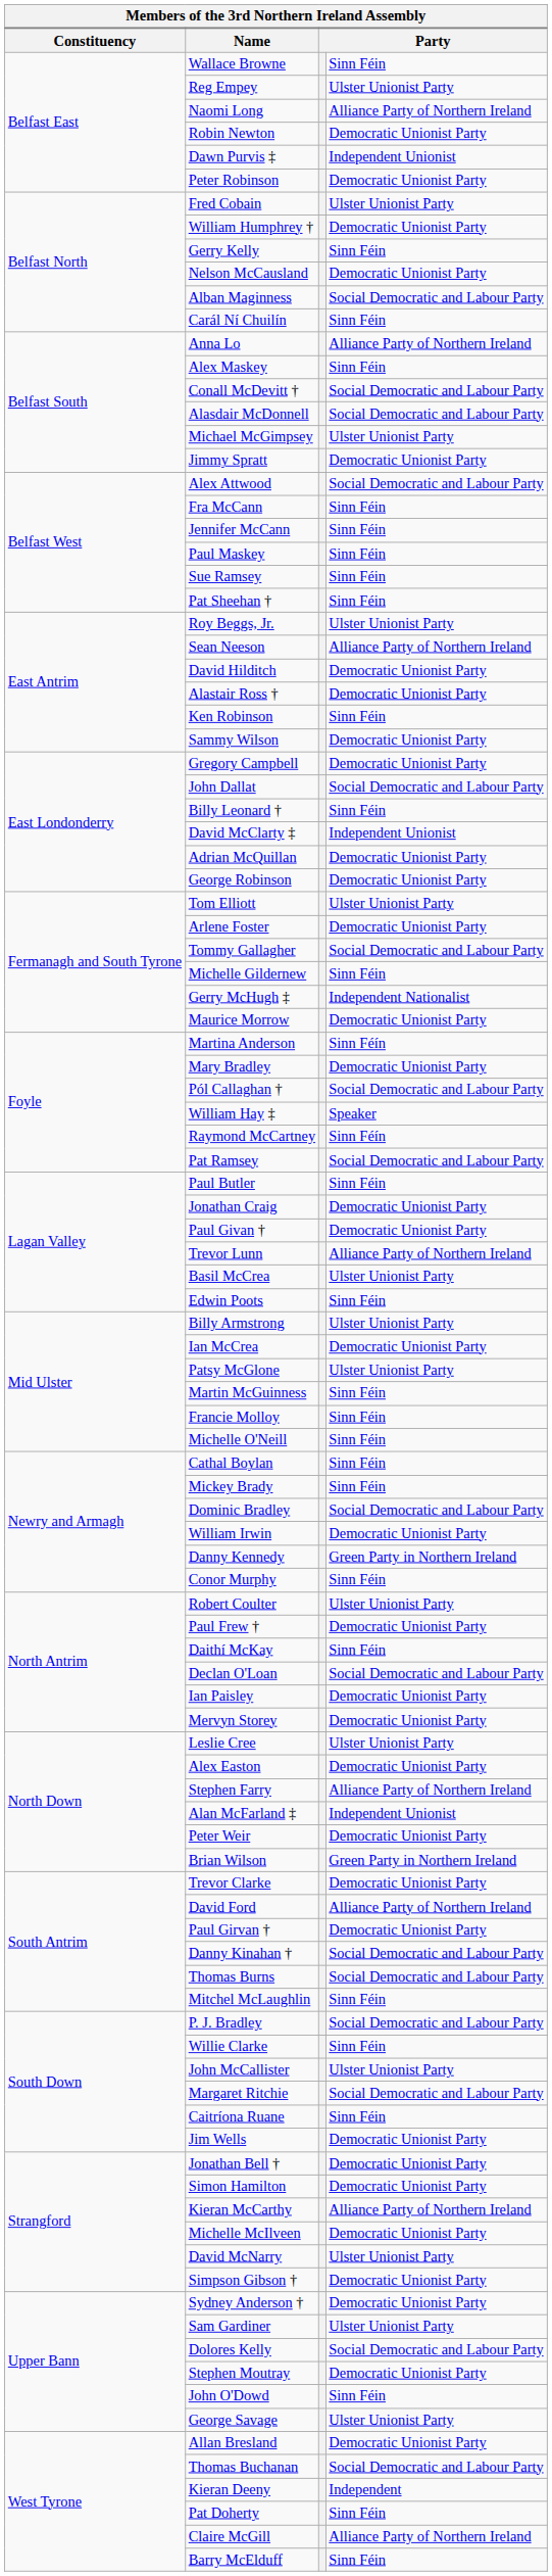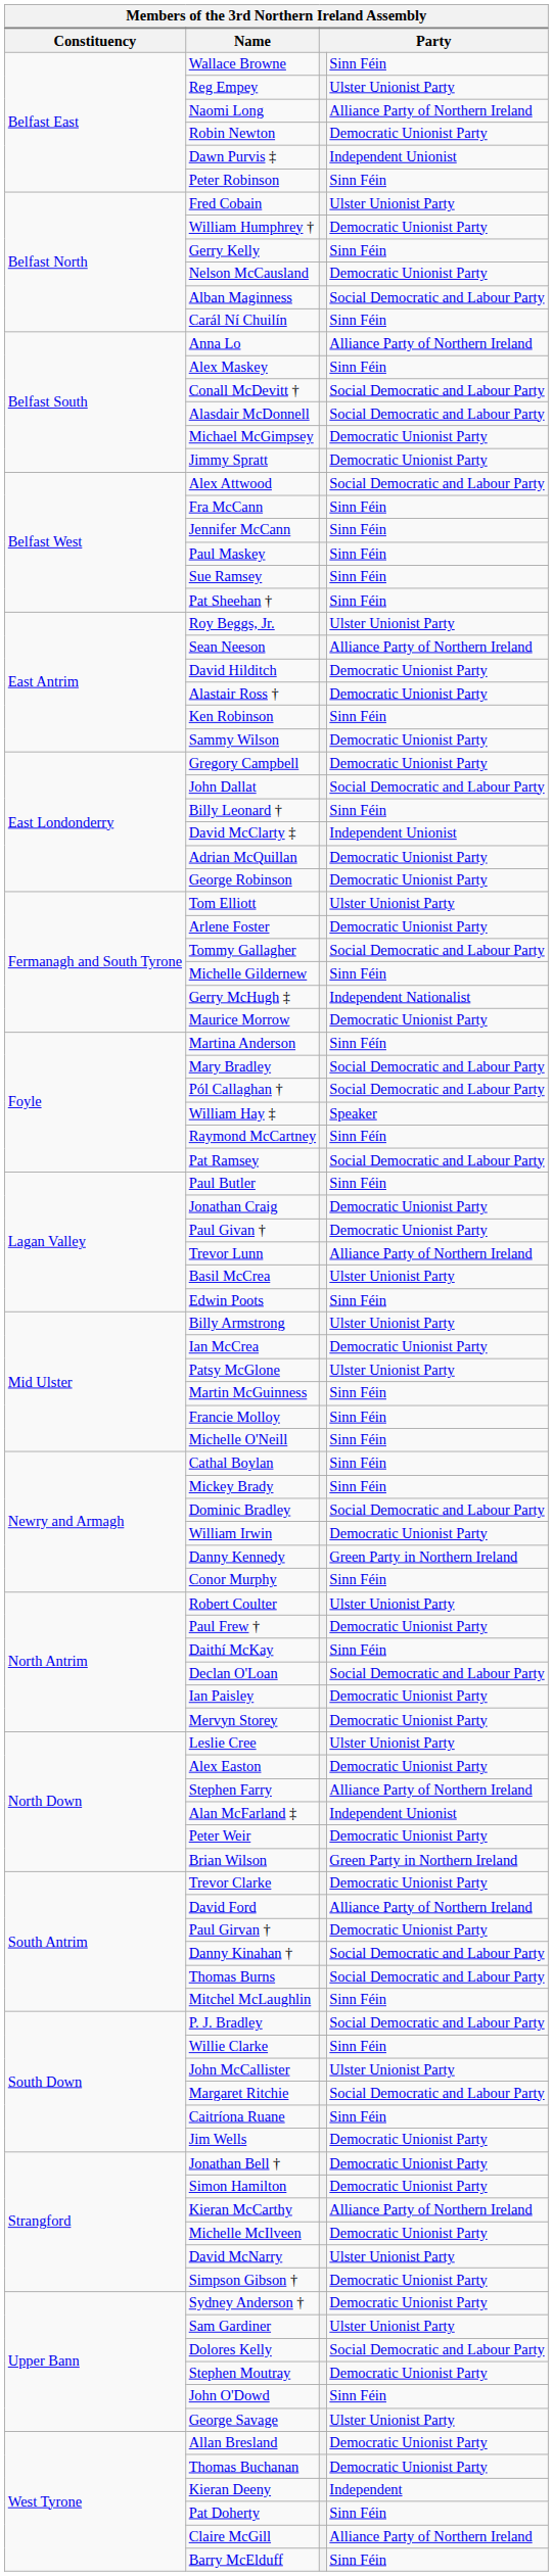 <table class="wikitable">
 <tr style="border-bottom: 2px solid gray;">
 <th colspan=4>Members of the 3rd Northern Ireland Assembly</th>
 </tr>
 <tr>
 <th align=center>Constituency</th>
 <th align=center>Name</th>
 <th style="text-align:center;" colspan="2">Party</th>
 </tr>
 <tr>
 <td rowspan="6"><a href='#'>Belfast East</a></td>
 <td><a href='#'>Wallace Browne</a></td>
 <th style="background-color: "></th>
 <td><a href='#'>Sinn Féin</a></td>
 </tr>
 <tr>
 <td><a href='#'>Reg Empey</a></td>
 <th style="background-color: "></th>
 <td><a href='#'>Ulster Unionist Party</a></td>
 </tr>
 <tr>
 <td><a href='#'>Naomi Long</a></td>
 <th style="background-color: "></th>
 <td><a href='#'>Alliance Party of Northern Ireland</a></td>
 </tr>
 <tr>
 <td><a href='#'>Robin Newton</a></td>
 <th style="background-color: "></th>
 <td><a href='#'>Democratic Unionist Party</a></td>
 </tr>
 <tr>
 <td><a href='#'>Dawn Purvis</a> ‡</td>
 <th style="background-color: "></th>
 <td><a href='#'>Independent Unionist</a></td>
 </tr>
 <tr>
 <td><a href='#'>Peter Robinson</a></td>
 <th style="background-color: "></th>
-<td><a href='#'>Democratic Unionist Party</a></td>
+<td><a href='#'>Sinn Féin</a></td>
 </tr>
 <tr>
 <td rowspan="6"><a href='#'>Belfast North</a></td>
 <td><a href='#'>Fred Cobain</a></td>
 <th style="background-color: "></th>
 <td><a href='#'>Ulster Unionist Party</a></td>
 </tr>
 <tr>
 <td><a href='#'>William Humphrey</a> †</td>
 <th style="background-color: "></th>
 <td><a href='#'>Democratic Unionist Party</a></td>
 </tr>
 <tr>
 <td><a href='#'>Gerry Kelly</a></td>
 <th style="background-color: "></th>
 <td><a href='#'>Sinn Féin</a></td>
 </tr>
 <tr>
 <td><a href='#'>Nelson McCausland</a></td>
 <th style="background-color: "></th>
 <td><a href='#'>Democratic Unionist Party</a></td>
 </tr>
 <tr>
 <td><a href='#'>Alban Maginness</a></td>
 <th style="background-color: "></th>
 <td><a href='#'>Social Democratic and Labour Party</a></td>
 </tr>
 <tr>
 <td><a href='#'>Carál Ní Chuilín</a></td>
 <th style="background-color: "></th>
 <td><a href='#'>Sinn Féin</a></td>
 </tr>
 <tr>
 <td rowspan="6"><a href='#'>Belfast South</a></td>
 <td><a href='#'>Anna Lo</a></td>
 <th style="background-color: "></th>
 <td><a href='#'>Alliance Party of Northern Ireland</a></td>
 </tr>
 <tr>
 <td><a href='#'>Alex Maskey</a></td>
 <th style="background-color: "></th>
 <td><a href='#'>Sinn Féin</a></td>
 </tr>
 <tr>
 <td><a href='#'>Conall McDevitt</a> †</td>
 <th style="background-color: "></th>
 <td><a href='#'>Social Democratic and Labour Party</a></td>
 </tr>
 <tr>
 <td><a href='#'>Alasdair McDonnell</a></td>
 <th style="background-color: "></th>
 <td><a href='#'>Social Democratic and Labour Party</a></td>
 </tr>
 <tr>
 <td><a href='#'>Michael McGimpsey</a></td>
 <th style="background-color: "></th>
-<td><a href='#'>Ulster Unionist Party</a></td>
+<td><a href='#'>Democratic Unionist Party</a></td>
 </tr>
 <tr>
 <td><a href='#'>Jimmy Spratt</a></td>
 <th style="background-color: "></th>
 <td><a href='#'>Democratic Unionist Party</a></td>
 </tr>
 <tr>
 <td rowspan="6"><a href='#'>Belfast West</a></td>
 <td><a href='#'>Alex Attwood</a></td>
 <th style="background-color: "></th>
 <td><a href='#'>Social Democratic and Labour Party</a></td>
 </tr>
 <tr>
 <td><a href='#'>Fra McCann</a></td>
 <th style="background-color: "></th>
 <td><a href='#'>Sinn Féin</a></td>
 </tr>
 <tr>
 <td><a href='#'>Jennifer McCann</a></td>
 <th style="background-color: "></th>
 <td><a href='#'>Sinn Féin</a></td>
 </tr>
 <tr>
 <td><a href='#'>Paul Maskey</a></td>
 <th style="background-color: "></th>
 <td><a href='#'>Sinn Féin</a></td>
 </tr>
 <tr>
 <td><a href='#'>Sue Ramsey</a></td>
 <th style="background-color: "></th>
 <td><a href='#'>Sinn Féin</a></td>
 </tr>
 <tr>
 <td><a href='#'>Pat Sheehan</a> †</td>
 <th style="background-color: "></th>
 <td><a href='#'>Sinn Féin</a></td>
 </tr>
 <tr>
 <td rowspan="6"><a href='#'>East Antrim</a></td>
 <td><a href='#'>Roy Beggs, Jr.</a></td>
 <th style="background-color: "></th>
 <td><a href='#'>Ulster Unionist Party</a></td>
 </tr>
 <tr>
 <td><a href='#'>Sean Neeson</a></td>
 <th style="background-color: "></th>
 <td><a href='#'>Alliance Party of Northern Ireland</a></td>
 </tr>
 <tr>
 <td><a href='#'>David Hilditch</a></td>
 <th style="background-color: "></th>
 <td><a href='#'>Democratic Unionist Party</a></td>
 </tr>
 <tr>
 <td><a href='#'>Alastair Ross</a> †</td>
 <th style="background-color: "></th>
 <td><a href='#'>Democratic Unionist Party</a></td>
 </tr>
 <tr>
 <td><a href='#'>Ken Robinson</a></td>
 <th style="background-color: "></th>
 <td><a href='#'>Sinn Féin</a></td>
 </tr>
 <tr>
 <td><a href='#'>Sammy Wilson</a></td>
 <th style="background-color: "></th>
 <td><a href='#'>Democratic Unionist Party</a></td>
 </tr>
 <tr>
 <td rowspan="6"><a href='#'>East Londonderry</a></td>
 <td><a href='#'>Gregory Campbell</a></td>
 <th style="background-color: "></th>
 <td><a href='#'>Democratic Unionist Party</a></td>
 </tr>
 <tr>
 <td><a href='#'>John Dallat</a></td>
 <th style="background-color: "></th>
 <td><a href='#'>Social Democratic and Labour Party</a></td>
 </tr>
 <tr>
 <td><a href='#'>Billy Leonard</a> †</td>
 <th style="background-color: "></th>
 <td><a href='#'>Sinn Féin</a></td>
 </tr>
 <tr>
 <td><a href='#'>David McClarty</a> ‡</td>
 <th style="background-color: "></th>
 <td><a href='#'>Independent Unionist</a></td>
 </tr>
 <tr>
 <td><a href='#'>Adrian McQuillan</a></td>
 <th style="background-color: "></th>
 <td><a href='#'>Democratic Unionist Party</a></td>
 </tr>
 <tr>
 <td><a href='#'>George Robinson</a></td>
 <th style="background-color: "></th>
 <td><a href='#'>Democratic Unionist Party</a></td>
 </tr>
 <tr>
 <td rowspan="6"><a href='#'>Fermanagh and South Tyrone</a></td>
 <td><a href='#'>Tom Elliott</a></td>
 <th style="background-color: "></th>
 <td><a href='#'>Ulster Unionist Party</a></td>
 </tr>
 <tr>
 <td><a href='#'>Arlene Foster</a></td>
 <th style="background-color: "></th>
 <td><a href='#'>Democratic Unionist Party</a></td>
 </tr>
 <tr>
 <td><a href='#'>Tommy Gallagher</a></td>
 <th style="background-color: "></th>
 <td><a href='#'>Social Democratic and Labour Party</a></td>
 </tr>
 <tr>
 <td><a href='#'>Michelle Gildernew</a></td>
 <th style="background-color: "></th>
 <td><a href='#'>Sinn Féin</a></td>
 </tr>
 <tr>
 <td><a href='#'>Gerry McHugh</a> ‡</td>
 <th style="background-color: "></th>
 <td><a href='#'>Independent Nationalist</a></td>
 </tr>
 <tr>
 <td><a href='#'>Maurice Morrow</a></td>
 <th style="background-color: "></th>
 <td><a href='#'>Democratic Unionist Party</a></td>
 </tr>
 <tr>
 <td rowspan="6"><a href='#'>Foyle</a></td>
 <td><a href='#'>Martina Anderson</a></td>
 <th style="background-color: "></th>
 <td><a href='#'>Sinn Féín</a></td>
 </tr>
 <tr>
 <td><a href='#'>Mary Bradley</a></td>
 <th style="background-color: "></th>
-<td><a href='#'>Democratic Unionist Party</a></td>
+<td><a href='#'>Social Democratic and Labour Party</a></td>
 </tr>
 <tr>
 <td><a href='#'>Pól Callaghan</a> †</td>
 <th style="background-color: "></th>
 <td><a href='#'>Social Democratic and Labour Party</a></td>
 </tr>
 <tr>
 <td><a href='#'>William Hay</a> ‡</td>
 <th style="background-color: "></th>
 <td><a href='#'>Speaker</a></td>
 </tr>
 <tr>
 <td><a href='#'>Raymond McCartney</a></td>
 <th style="background-color: "></th>
 <td><a href='#'>Sinn Féín</a></td>
 </tr>
 <tr>
 <td><a href='#'>Pat Ramsey</a></td>
 <th style="background-color: "></th>
 <td><a href='#'>Social Democratic and Labour Party</a></td>
 </tr>
 <tr>
 <td rowspan="6"><a href='#'>Lagan Valley</a></td>
 <td><a href='#'>Paul Butler</a></td>
 <th style="background-color: "></th>
 <td><a href='#'>Sinn Féin</a></td>
 </tr>
 <tr>
 <td><a href='#'>Jonathan Craig</a></td>
 <th style="background-color: "></th>
 <td><a href='#'>Democratic Unionist Party</a></td>
 </tr>
 <tr>
 <td><a href='#'>Paul Givan</a> †</td>
 <th style="background-color: "></th>
 <td><a href='#'>Democratic Unionist Party</a></td>
 </tr>
 <tr>
 <td><a href='#'>Trevor Lunn</a></td>
 <th style="background-color: "></th>
 <td><a href='#'>Alliance Party of Northern Ireland</a></td>
 </tr>
 <tr>
 <td><a href='#'>Basil McCrea</a></td>
 <th style="background-color: "></th>
 <td><a href='#'>Ulster Unionist Party</a></td>
 </tr>
 <tr>
 <td><a href='#'>Edwin Poots</a></td>
 <th style="background-color: "></th>
 <td><a href='#'>Sinn Féin</a></td>
 </tr>
 <tr>
 <td rowspan="6"><a href='#'>Mid Ulster</a></td>
 <td><a href='#'>Billy Armstrong</a></td>
 <th style="background-color: "></th>
 <td><a href='#'>Ulster Unionist Party</a></td>
 </tr>
 <tr>
 <td><a href='#'>Ian McCrea</a></td>
 <th style="background-color: "></th>
 <td><a href='#'>Democratic Unionist Party</a></td>
 </tr>
 <tr>
 <td><a href='#'>Patsy McGlone</a></td>
 <th style="background-color: "></th>
 <td><a href='#'>Ulster Unionist Party</a></td>
 </tr>
 <tr>
 <td><a href='#'>Martin McGuinness</a></td>
 <th style="background-color: "></th>
 <td><a href='#'>Sinn Féin</a></td>
 </tr>
 <tr>
 <td><a href='#'>Francie Molloy</a></td>
 <th style="background-color: "></th>
 <td><a href='#'>Sinn Féin</a></td>
 </tr>
 <tr>
 <td><a href='#'>Michelle O'Neill</a></td>
 <th style="background-color: "></th>
 <td><a href='#'>Sinn Féin</a></td>
 </tr>
 <tr>
 <td rowspan="6"><a href='#'>Newry and Armagh</a></td>
 <td><a href='#'>Cathal Boylan</a></td>
 <th style="background-color: "></th>
 <td><a href='#'>Sinn Féin</a></td>
 </tr>
 <tr>
 <td><a href='#'>Mickey Brady</a></td>
 <th style="background-color: "></th>
 <td><a href='#'>Sinn Féin</a></td>
 </tr>
 <tr>
 <td><a href='#'>Dominic Bradley</a></td>
 <th style="background-color: "></th>
 <td><a href='#'>Social Democratic and Labour Party</a></td>
 </tr>
 <tr>
 <td><a href='#'>William Irwin</a></td>
 <th style="background-color: "></th>
 <td><a href='#'>Democratic Unionist Party</a></td>
 </tr>
 <tr>
 <td><a href='#'>Danny Kennedy</a></td>
 <th style="background-color: "></th>
 <td><a href='#'>Green Party in Northern Ireland</a></td>
 </tr>
 <tr>
 <td><a href='#'>Conor Murphy</a></td>
 <th style="background-color: "></th>
 <td><a href='#'>Sinn Féin</a></td>
 </tr>
 <tr>
 <td rowspan="6"><a href='#'>North Antrim</a></td>
 <td><a href='#'>Robert Coulter</a></td>
 <th style="background-color: "></th>
 <td><a href='#'>Ulster Unionist Party</a></td>
 </tr>
 <tr>
 <td><a href='#'>Paul Frew</a> †</td>
 <th style="background-color: "></th>
 <td><a href='#'>Democratic Unionist Party</a></td>
 </tr>
 <tr>
 <td><a href='#'>Daithí McKay</a></td>
 <th style="background-color: "></th>
 <td><a href='#'>Sinn Féin</a></td>
 </tr>
 <tr>
 <td><a href='#'>Declan O'Loan</a></td>
 <th style="background-color: "></th>
 <td><a href='#'>Social Democratic and Labour Party</a></td>
 </tr>
 <tr>
 <td><a href='#'>Ian Paisley</a></td>
 <th style="background-color: "></th>
 <td><a href='#'>Democratic Unionist Party</a></td>
 </tr>
 <tr>
 <td><a href='#'>Mervyn Storey</a></td>
 <th style="background-color: "></th>
 <td><a href='#'>Democratic Unionist Party</a></td>
 </tr>
 <tr>
 <td rowspan="6"><a href='#'>North Down</a></td>
 <td><a href='#'>Leslie Cree</a></td>
 <th style="background-color: "></th>
 <td><a href='#'>Ulster Unionist Party</a></td>
 </tr>
 <tr>
 <td><a href='#'>Alex Easton</a></td>
 <th style="background-color: "></th>
 <td><a href='#'>Democratic Unionist Party</a></td>
 </tr>
 <tr>
 <td><a href='#'>Stephen Farry</a></td>
 <th style="background-color: "></th>
 <td><a href='#'>Alliance Party of Northern Ireland</a></td>
 </tr>
 <tr>
 <td><a href='#'>Alan McFarland</a> ‡</td>
 <th style="background-color: "></th>
 <td><a href='#'>Independent Unionist</a></td>
 </tr>
 <tr>
 <td><a href='#'>Peter Weir</a></td>
 <th style="background-color: "></th>
 <td><a href='#'>Democratic Unionist Party</a></td>
 </tr>
 <tr>
 <td><a href='#'>Brian Wilson</a></td>
 <th style="background-color: "></th>
 <td><a href='#'>Green Party in Northern Ireland</a></td>
 </tr>
 <tr>
 <td rowspan="6"><a href='#'>South Antrim</a></td>
 <td><a href='#'>Trevor Clarke</a></td>
 <th style="background-color: "></th>
 <td><a href='#'>Democratic Unionist Party</a></td>
 </tr>
 <tr>
 <td><a href='#'>David Ford</a></td>
 <th style="background-color: "></th>
 <td><a href='#'>Alliance Party of Northern Ireland</a></td>
 </tr>
 <tr>
 <td><a href='#'>Paul Girvan</a> †</td>
 <th style="background-color: "></th>
 <td><a href='#'>Democratic Unionist Party</a></td>
 </tr>
 <tr>
 <td><a href='#'>Danny Kinahan</a> †</td>
 <th style="background-color: "></th>
 <td><a href='#'>Social Democratic and Labour Party</a></td>
 </tr>
 <tr>
 <td><a href='#'>Thomas Burns</a></td>
 <th style="background-color: "></th>
 <td><a href='#'>Social Democratic and Labour Party</a></td>
 </tr>
 <tr>
 <td><a href='#'>Mitchel McLaughlin</a></td>
 <th style="background-color: "></th>
 <td><a href='#'>Sinn Féin</a></td>
 </tr>
 <tr>
 <td rowspan="6"><a href='#'>South Down</a></td>
 <td><a href='#'>P. J. Bradley</a></td>
 <th style="background-color: "></th>
 <td><a href='#'>Social Democratic and Labour Party</a></td>
 </tr>
 <tr>
 <td><a href='#'>Willie Clarke</a></td>
 <th style="background-color: "></th>
 <td><a href='#'>Sinn Féin</a></td>
 </tr>
 <tr>
 <td><a href='#'>John McCallister</a></td>
 <th style="background-color: "></th>
 <td><a href='#'>Ulster Unionist Party</a></td>
 </tr>
 <tr>
 <td><a href='#'>Margaret Ritchie</a></td>
 <th style="background-color: "></th>
 <td><a href='#'>Social Democratic and Labour Party</a></td>
 </tr>
 <tr>
 <td><a href='#'>Caitríona Ruane</a></td>
 <th style="background-color: "></th>
 <td><a href='#'>Sinn Féin</a></td>
 </tr>
 <tr>
 <td><a href='#'>Jim Wells</a></td>
 <th style="background-color: "></th>
 <td><a href='#'>Democratic Unionist Party</a></td>
 </tr>
 <tr>
 <td rowspan="6"><a href='#'>Strangford</a></td>
 <td><a href='#'>Jonathan Bell</a> †</td>
 <th style="background-color: "></th>
 <td><a href='#'>Democratic Unionist Party</a></td>
 </tr>
 <tr>
 <td><a href='#'>Simon Hamilton</a></td>
 <th style="background-color: "></th>
 <td><a href='#'>Democratic Unionist Party</a></td>
 </tr>
 <tr>
 <td><a href='#'>Kieran McCarthy</a></td>
 <th style="background-color: "></th>
 <td><a href='#'>Alliance Party of Northern Ireland</a></td>
 </tr>
 <tr>
 <td><a href='#'>Michelle McIlveen</a></td>
 <th style="background-color: "></th>
 <td><a href='#'>Democratic Unionist Party</a></td>
 </tr>
 <tr>
 <td><a href='#'>David McNarry</a></td>
 <th style="background-color: "></th>
 <td><a href='#'>Ulster Unionist Party</a></td>
 </tr>
 <tr>
 <td><a href='#'>Simpson Gibson</a> †</td>
 <th style="background-color: "></th>
 <td><a href='#'>Democratic Unionist Party</a></td>
 </tr>
 <tr>
 <td rowspan="6"><a href='#'>Upper Bann</a></td>
 <td><a href='#'>Sydney Anderson</a> †</td>
 <th style="background-color: "></th>
 <td><a href='#'>Democratic Unionist Party</a></td>
 </tr>
 <tr>
 <td><a href='#'>Sam Gardiner</a></td>
 <th style="background-color: "></th>
 <td><a href='#'>Ulster Unionist Party</a></td>
 </tr>
 <tr>
 <td><a href='#'>Dolores Kelly</a></td>
 <th style="background-color: "></th>
 <td><a href='#'>Social Democratic and Labour Party</a></td>
 </tr>
 <tr>
 <td><a href='#'>Stephen Moutray</a></td>
 <th style="background-color: "></th>
 <td><a href='#'>Democratic Unionist Party</a></td>
 </tr>
 <tr>
 <td><a href='#'>John O'Dowd</a></td>
 <th style="background-color: "></th>
 <td><a href='#'>Sinn Féin</a></td>
 </tr>
 <tr>
 <td><a href='#'>George Savage</a></td>
 <th style="background-color: "></th>
 <td><a href='#'>Ulster Unionist Party</a></td>
 </tr>
 <tr>
 <td rowspan="6"><a href='#'>West Tyrone</a></td>
 <td><a href='#'>Allan Bresland</a></td>
 <th style="background-color: "></th>
 <td><a href='#'>Democratic Unionist Party</a></td>
 </tr>
 <tr>
 <td><a href='#'>Thomas Buchanan</a></td>
 <th style="background-color: "></th>
-<td><a href='#'>Social Democratic and Labour Party</a></td>
+<td><a href='#'>Democratic Unionist Party</a></td>
 </tr>
 <tr>
 <td><a href='#'>Kieran Deeny</a></td>
 <th style="background-color: "></th>
 <td><a href='#'>Independent</a></td>
 </tr>
 <tr>
 <td><a href='#'>Pat Doherty</a></td>
 <th style="background-color: "></th>
 <td><a href='#'>Sinn Féin</a></td>
 </tr>
 <tr>
 <td><a href='#'>Claire McGill</a></td>
 <th style="background-color: "></th>
 <td><a href='#'>Alliance Party of Northern Ireland</a></td>
 </tr>
 <tr>
 <td><a href='#'>Barry McElduff</a></td>
 <th style="background-color: "></th>
 <td><a href='#'>Sinn Féin</a></td>
 </tr>
 </table>
